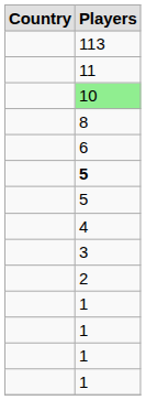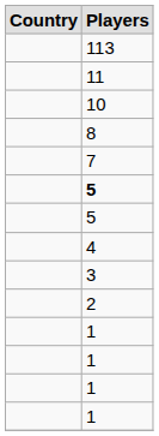 <table style="font-size: 95%; text-align: left;" class="wikitable alternance">
 <tr>
 <th scope="col" style="background: #e0e0e0;">Country</th>
 <th scope="col" style="background: #e0e0e0;">Players</th>
 </tr>
 <tr>
 <td></td>
 <td>113</td>
 </tr>
 <tr>
 <td></td>
 <td>11</td>
 </tr>
 <tr>
 <td></td>
-<td style="background: lightgreen;">10</td>
+<td>10</td>
 </tr>
 <tr>
 <td></td>
 <td>8</td>
 </tr>
 <tr>
 <td></td>
-<td>6</td>
+<td>7</td>
 </tr>
 <tr>
 <td></td>
 <td><strong>5</strong></td>
 </tr>
 <tr>
 <td></td>
 <td>5</td>
 </tr>
 <tr>
 <td></td>
 <td>4</td>
 </tr>
 <tr>
 <td></td>
 <td>3</td>
 </tr>
 <tr>
 <td></td>
 <td>2</td>
 </tr>
 <tr>
 <td></td>
 <td>1</td>
 </tr>
 <tr>
 <td></td>
 <td>1</td>
 </tr>
 <tr>
 <td></td>
 <td>1</td>
 </tr>
 <tr>
 <td></td>
 <td>1</td>
 </tr>
 <tr>
 </tr>
 </table>
